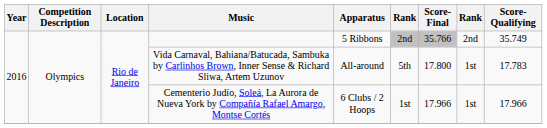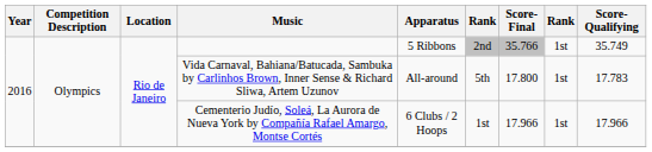 <table class="wikitable" style="text-align:center">
 <tr>
 <th>Year</th>
 <th>Competition Description</th>
 <th>Location</th>
 <th>Music</th>
 <th>Apparatus</th>
 <th>Rank</th>
 <th>Score-Final</th>
 <th>Rank</th>
 <th>Score-Qualifying</th>
 </tr>
 <tr>
 <td rowspan="3">2016</td>
 <td rowspan="3">Olympics</td>
 <td rowspan="3"><a href='#'>Rio de Janeiro</a></td>
 <td></td>
 <td>5 Ribbons</td>
 <td bgcolor=silver>2nd</td>
 <td bgcolor=silver>35.766</td>
-<td>2nd</td>
+<td>1st</td>
 <td>35.749</td>
 </tr>
 <tr>
 <td>Vida Carnaval, Bahiana/Batucada, Sambuka by <a href='#'>Carlinhos Brown</a>, Inner Sense & Richard Sliwa, Artem Uzunov</td>
 <td>All-around</td>
 <td>5th</td>
 <td>17.800</td>
 <td>1st</td>
 <td>17.783</td>
 </tr>
 <tr>
 <td>Cementerio Judío, <a href='#'>Soleá</a>, La Aurora de Nueva York by <a href='#'>Compañía Rafael Amargo</a>, <a href='#'>Montse Cortés</a></td>
 <td>6 Clubs / 2 Hoops</td>
 <td>1st</td>
 <td>17.966</td>
 <td>1st</td>
 <td>17.966</td>
 </tr>
 <tr>
 </tr>
 </table>
